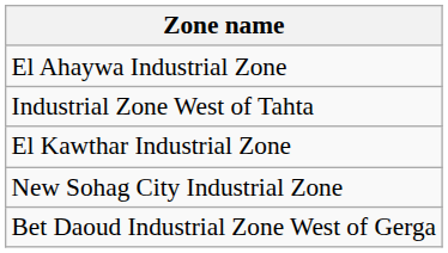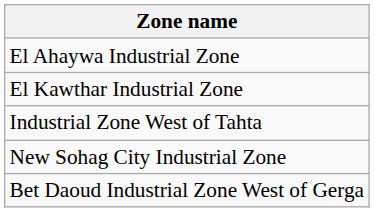 <table class="wikitable">
 <tr>
 <th>Zone name</th>
 </tr>
 <tr>
 <td rowspan="1">El Ahaywa Industrial Zone</td>
 </tr>
 <tr>
-<td rowspan="1">Industrial Zone West of Tahta</td>
+<td rowspan="1">El Kawthar Industrial Zone</td>
 </tr>
 <tr>
-<td rowspan="1">El Kawthar Industrial Zone</td>
+<td rowspan="1">Industrial Zone West of Tahta</td>
 </tr>
 <tr>
 <td rowspan="1">New Sohag City Industrial Zone</td>
 </tr>
 <tr>
 <td rowspan="1">Bet Daoud Industrial Zone West of Gerga</td>
 </tr>
 </table>
